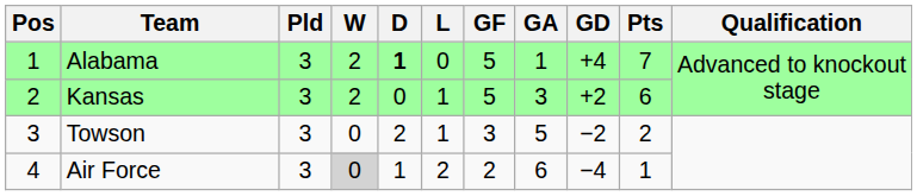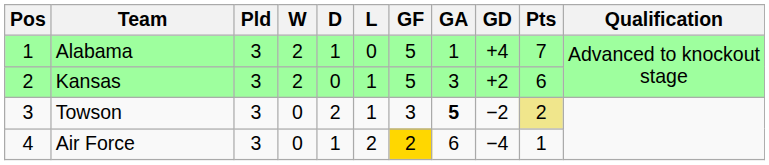 <table class="wikitable" style="text-align:center; margin: 1em auto">
 <tr>
 <th style="width:2em">Pos</th>
 <th style="width:13em">Team</th>
 <th style="width:2em">Pld</th>
 <th style="width:2em">W</th>
 <th style="width:2em">D</th>
 <th style="width:2em">L</th>
 <th style="width:2em">GF</th>
 <th style="width:2em">GA</th>
 <th style="width:2em">GD</th>
 <th style="width:2em">Pts</th>
 <th style="width:13em">Qualification</th>
 </tr>
 <tr bgcolor="#9eff9e">
 <td>1</td>
 <td style="text-align:left">Alabama</td>
 <td>3</td>
 <td>2</td>
-<td><strong>1</strong></td>
+<td>1</td>
 <td>0</td>
 <td>5</td>
 <td>1</td>
 <td>+4</td>
 <td>7</td>
 <td rowspan="2">Advanced to knockout stage</td>
 </tr>
 <tr bgcolor="#9eff9e">
 <td>2</td>
 <td style="text-align:left">Kansas</td>
 <td>3</td>
 <td>2</td>
 <td>0</td>
 <td>1</td>
 <td>5</td>
 <td>3</td>
 <td>+2</td>
 <td>6</td>
 </tr>
 <tr>
 <td>3</td>
 <td style="text-align:left">Towson</td>
 <td>3</td>
 <td>0</td>
 <td>2</td>
 <td>1</td>
 <td>3</td>
-<td>5</td>
+<td><strong>5</strong></td>
 <td>−2</td>
-<td>2</td>
+<td style="background: khaki;">2</td>
 <td rowspan="2"></td>
 </tr>
 <tr>
 <td>4</td>
 <td style="text-align:left">Air Force</td>
 <td>3</td>
-<td style="background: lightgrey;">0</td>
+<td>0</td>
 <td>1</td>
 <td>2</td>
-<td>2</td>
+<td style="background: gold;">2</td>
 <td>6</td>
 <td>−4</td>
 <td>1</td>
 </tr>
 </table>
